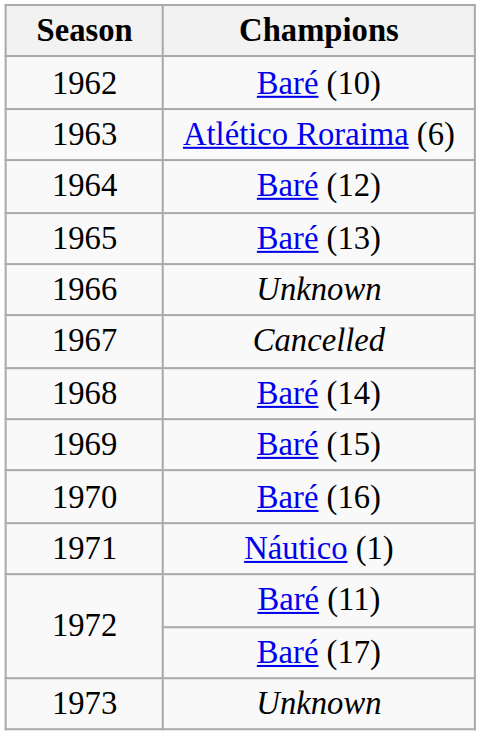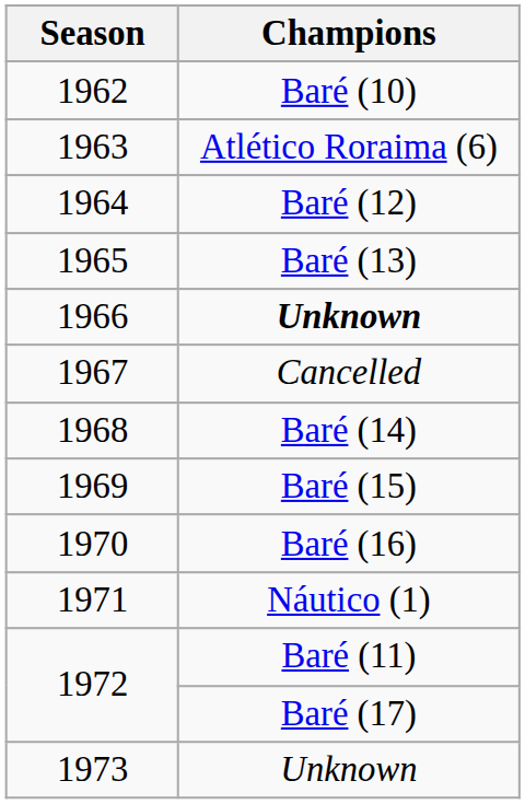 <table class="wikitable" style="text-align:center; margin-left:1em;">
 <tr>
 <th style="width:70px">Season</th>
 <th style="width:145px">Champions</th>
 </tr>
 <tr>
 <td>1962</td>
 <td><a href='#'>Baré</a> (10)</td>
 </tr>
 <tr>
 <td>1963</td>
 <td><a href='#'>Atlético Roraima</a> (6)</td>
 </tr>
 <tr>
 <td>1964</td>
 <td><a href='#'>Baré</a> (12)</td>
 </tr>
 <tr>
 <td>1965</td>
 <td><a href='#'>Baré</a> (13)</td>
 </tr>
 <tr>
 <td>1966</td>
-<td><em>Unknown</em></td>
+<td><strong><em>Unknown</em></strong></td>
 </tr>
 <tr>
 <td>1967</td>
 <td><em>Cancelled</em></td>
 </tr>
 <tr>
 <td>1968</td>
 <td><a href='#'>Baré</a> (14)</td>
 </tr>
 <tr>
 <td>1969</td>
 <td><a href='#'>Baré</a> (15)</td>
 </tr>
 <tr>
 <td>1970</td>
 <td><a href='#'>Baré</a> (16)</td>
 </tr>
 <tr>
 <td>1971</td>
 <td><a href='#'>Náutico</a> (1)</td>
 </tr>
 <tr>
 <td rowspan="2">1972</td>
 <td><a href='#'>Baré</a> (11)</td>
 </tr>
 <tr>
 <td><a href='#'>Baré</a> (17)</td>
 </tr>
 <tr>
 <td>1973</td>
 <td><em>Unknown</em></td>
 </tr>
 </table>
